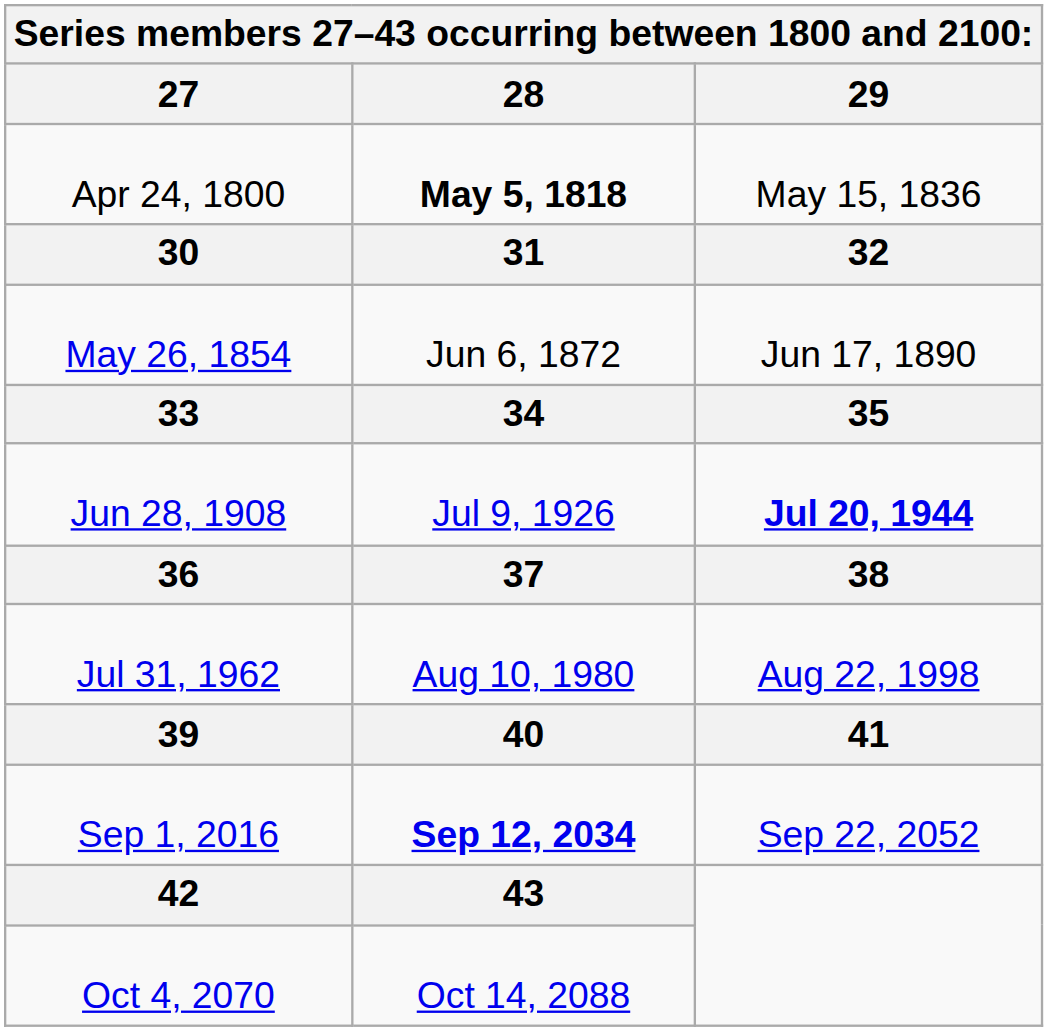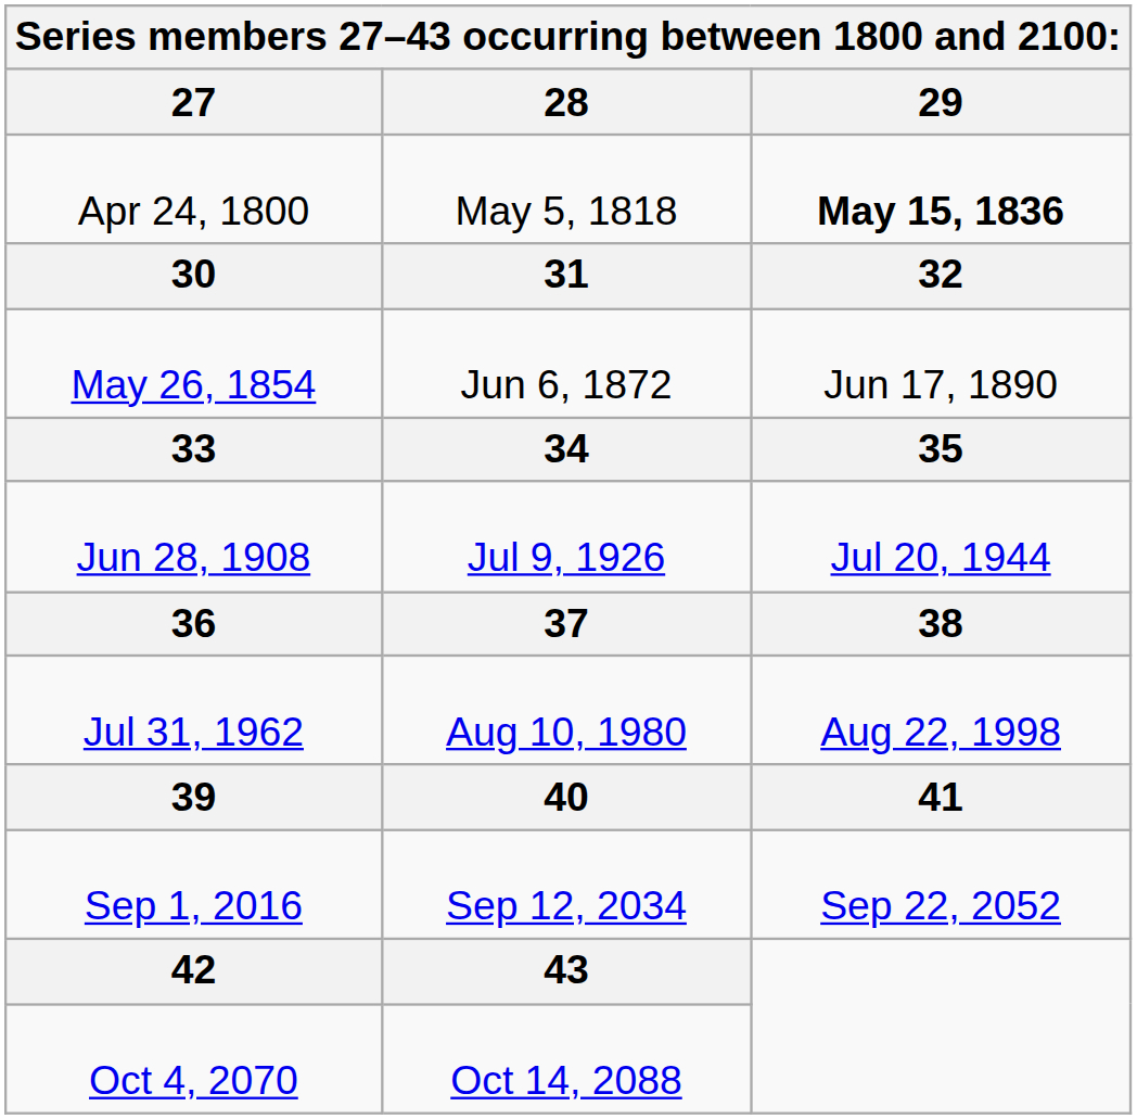 <table class="wikitable collapsible collapsed">
 <tr>
 <th colspan=3>Series members 27–43 occurring between 1800 and 2100:</th>
 </tr>
 <tr>
 <th>27</th>
 <th>28</th>
 <th>29</th>
 </tr>
 <tr style="text-align:center;">
 <td><br>Apr 24, 1800</td>
-<td><strong><br>May 5, 1818</strong></td>
-<td><br>May 15, 1836</td>
+<td><br>May 5, 1818</td>
+<td><strong><br>May 15, 1836</strong></td>
 </tr>
 <tr>
 <th>30</th>
 <th>31</th>
 <th>32</th>
 </tr>
 <tr style="text-align:center;">
 <td><br><a href='#'>May 26, 1854</a></td>
 <td><br>Jun 6, 1872</td>
 <td><br>Jun 17, 1890</td>
 </tr>
 <tr>
 <th>33</th>
 <th>34</th>
 <th>35</th>
 </tr>
 <tr style="text-align:center;">
 <td><br><a href='#'>Jun 28, 1908</a></td>
 <td><br><a href='#'>Jul 9, 1926</a></td>
-<td><strong><br><a href='#'>Jul 20, 1944</a></strong></td>
+<td><br><a href='#'>Jul 20, 1944</a></td>
 </tr>
 <tr>
 <th>36</th>
 <th>37</th>
 <th>38</th>
 </tr>
 <tr style="text-align:center;">
 <td><br><a href='#'>Jul 31, 1962</a></td>
 <td><br><a href='#'>Aug 10, 1980</a></td>
 <td><br><a href='#'>Aug 22, 1998</a></td>
 </tr>
 <tr>
 <th>39</th>
 <th>40</th>
 <th>41</th>
 </tr>
 <tr style="text-align:center;">
 <td><br><a href='#'>Sep 1, 2016</a></td>
-<td><strong><br><a href='#'>Sep 12, 2034</a></strong></td>
+<td><br><a href='#'>Sep 12, 2034</a></td>
 <td><br><a href='#'>Sep 22, 2052</a></td>
 </tr>
 <tr>
 <th>42</th>
 <th>43</th>
 </tr>
 <tr style="text-align:center;">
 <td><br><a href='#'>Oct 4, 2070</a></td>
 <td><br><a href='#'>Oct 14, 2088</a></td>
 </tr>
 </table>
